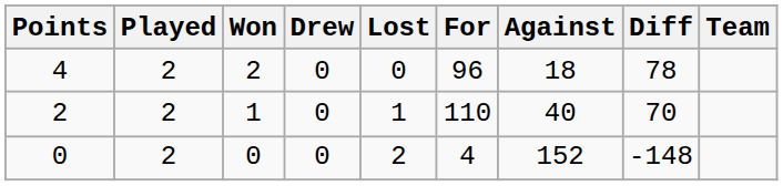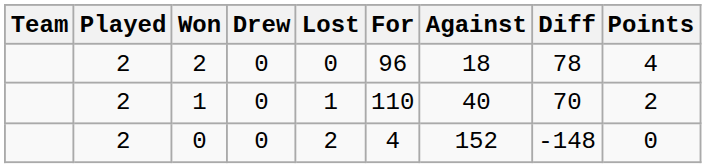 <table class="wikitable" style="text-align:center">
 <tr>
-<th>Points</th>
+<th>Team</th>
 <th>Played</th>
 <th>Won</th>
 <th>Drew</th>
 <th>Lost</th>
 <th>For</th>
 <th>Against</th>
 <th>Diff</th>
-<th>Team</th>
+<th>Points</th>
 </tr>
 <tr>
-<td>4</td>
+<td align=left></td>
 <td>2</td>
 <td>2</td>
 <td>0</td>
 <td>0</td>
 <td>96</td>
 <td>18</td>
 <td>78</td>
-<td align=left></td>
+<td>4</td>
 </tr>
 <tr>
-<td>2</td>
+<td align=left></td>
 <td>2</td>
 <td>1</td>
 <td>0</td>
 <td>1</td>
 <td>110</td>
 <td>40</td>
 <td>70</td>
-<td align=left></td>
+<td>2</td>
 </tr>
 <tr>
-<td>0</td>
+<td align=left></td>
 <td>2</td>
 <td>0</td>
 <td>0</td>
 <td>2</td>
 <td>4</td>
 <td>152</td>
 <td>-148</td>
-<td align=left></td>
+<td>0</td>
 </tr>
 </table>
